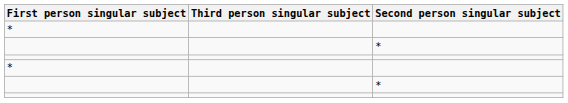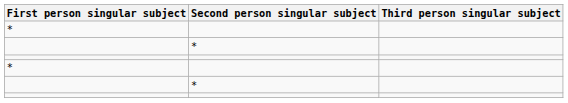 <table class="wikitable">
 <tr>
 <th>First person singular subject</th>
+<th>Second person singular subject</th>
 <th>Third person singular subject</th>
-<th>Second person singular subject</th>
 </tr>
 <tr>
 <td>*</td>
 <td></td>
 <td></td>
 </tr>
 <tr>
 <td></td>
+<td>*</td>
 <td></td>
-<td>*</td>
 </tr>
 <tr>
 <td></td>
 <td></td>
 <td></td>
 </tr>
 <tr>
 <td>*</td>
 <td></td>
 <td></td>
 </tr>
 <tr>
 <td></td>
+<td>*</td>
 <td></td>
-<td>*</td>
 </tr>
 <tr>
 <td></td>
 <td></td>
 <td></td>
 </tr>
 </table>
